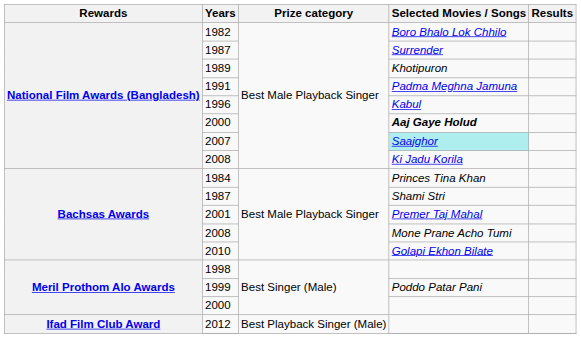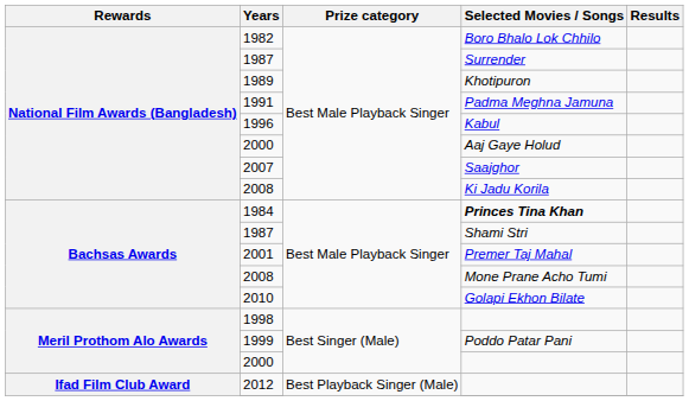 <table class="wikitable plainrowheaders sortable">
 <tr>
 <th scope="col">Rewards</th>
 <th scope="col">Years</th>
 <th scope="col">Prize category</th>
 <th scope="col">Selected Movies / Songs</th>
 <th scope="col">Results</th>
 </tr>
 <tr>
 <th rowspan="8" scope="row"><strong><a href='#'>National Film Awards (Bangladesh)</a></strong></th>
 <td>1982</td>
 <td rowspan="8">Best Male Playback Singer</td>
 <td><em><a href='#'>Boro Bhalo Lok Chhilo</a></em></td>
 <td></td>
 </tr>
 <tr>
 <td>1987</td>
 <td><em><a href='#'>Surrender</a></em></td>
 <td></td>
 </tr>
 <tr>
 <td>1989</td>
 <td><em>Khotipuron</em></td>
 <td></td>
 </tr>
 <tr>
 <td>1991</td>
 <td><em><a href='#'>Padma Meghna Jamuna</a></em></td>
 <td></td>
 </tr>
 <tr>
 <td>1996</td>
 <td><em><a href='#'>Kabul</a></em></td>
 <td></td>
 </tr>
 <tr>
 <td>2000</td>
-<td><strong><em>Aaj Gaye Holud</em></strong></td>
+<td><em>Aaj Gaye Holud</em></td>
 <td></td>
 </tr>
 <tr>
 <td>2007</td>
-<td style="background: paleturquoise;"><em><a href='#'>Saajghor</a></em></td>
+<td><em><a href='#'>Saajghor</a></em></td>
 <td></td>
 </tr>
 <tr>
 <td>2008</td>
 <td><em><a href='#'>Ki Jadu Korila</a></em></td>
 <td></td>
 </tr>
 <tr>
 <th rowspan="5" scope="row"><strong><a href='#'>Bachsas Awards</a></strong></th>
 <td>1984</td>
 <td rowspan="5">Best Male Playback Singer</td>
-<td><em>Princes Tina Khan</em></td>
+<td><strong><em>Princes Tina Khan</em></strong></td>
 <td></td>
 </tr>
 <tr>
 <td>1987</td>
 <td><em>Shami Stri</em></td>
 <td></td>
 </tr>
 <tr>
 <td>2001</td>
 <td><em><a href='#'>Premer Taj Mahal</a></em></td>
 <td></td>
 </tr>
 <tr>
 <td>2008</td>
 <td><em>Mone Prane Acho Tumi</em></td>
 <td></td>
 </tr>
 <tr>
 <td>2010</td>
 <td><em><a href='#'>Golapi Ekhon Bilate</a></em></td>
 <td></td>
 </tr>
 <tr>
 <th rowspan="3" scope="row"><strong><a href='#'>Meril Prothom Alo Awards</a></strong></th>
 <td>1998</td>
 <td rowspan="3">Best Singer (Male)</td>
 <td></td>
 <td></td>
 </tr>
 <tr>
 <td>1999</td>
 <td><em>Poddo Patar Pani</em></td>
 <td></td>
 </tr>
 <tr>
 <td>2000</td>
 <td></td>
 <td></td>
 </tr>
 <tr>
 <th rowspan="3" scope="row"><strong><a href='#'>Ifad Film Club Award</a></strong></th>
 <td>2012</td>
 <td rowspan="3">Best Playback Singer (Male)</td>
 <td></td>
 <td></td>
 </tr>
 <tr>
 </tr>
 </table>
